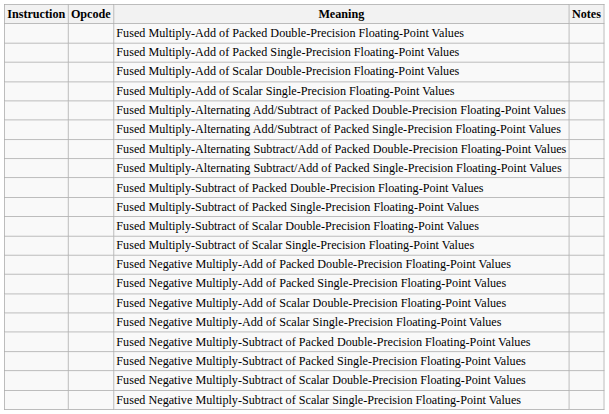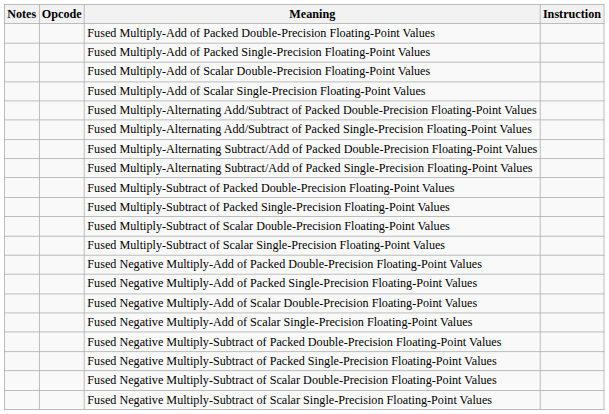 <table class="wikitable">
 <tr>
-<th>Instruction</th>
+<th>Notes</th>
 <th>Opcode</th>
 <th>Meaning</th>
-<th>Notes</th>
+<th>Instruction</th>
 </tr>
 <tr>
 <td></td>
 <td></td>
 <td>Fused Multiply-Add of Packed Double-Precision Floating-Point Values</td>
 <td></td>
 </tr>
 <tr>
 <td></td>
 <td></td>
 <td>Fused Multiply-Add of Packed Single-Precision Floating-Point Values</td>
 <td></td>
 </tr>
 <tr>
 <td></td>
 <td></td>
 <td>Fused Multiply-Add of Scalar Double-Precision Floating-Point Values</td>
 <td></td>
 </tr>
 <tr>
 <td></td>
 <td></td>
 <td>Fused Multiply-Add of Scalar Single-Precision Floating-Point Values</td>
 <td></td>
 </tr>
 <tr>
 <td></td>
 <td></td>
 <td>Fused Multiply-Alternating Add/Subtract of Packed Double-Precision Floating-Point Values</td>
 <td></td>
 </tr>
 <tr>
 <td></td>
 <td></td>
 <td>Fused Multiply-Alternating Add/Subtract of Packed Single-Precision Floating-Point Values</td>
 <td></td>
 </tr>
 <tr>
 <td></td>
 <td></td>
 <td>Fused Multiply-Alternating Subtract/Add of Packed Double-Precision Floating-Point Values</td>
 <td></td>
 </tr>
 <tr>
 <td></td>
 <td></td>
 <td>Fused Multiply-Alternating Subtract/Add of Packed Single-Precision Floating-Point Values</td>
 <td></td>
 </tr>
 <tr>
 <td></td>
 <td></td>
 <td>Fused Multiply-Subtract of Packed Double-Precision Floating-Point Values</td>
 <td></td>
 </tr>
 <tr>
 <td></td>
 <td></td>
 <td>Fused Multiply-Subtract of Packed Single-Precision Floating-Point Values</td>
 <td></td>
 </tr>
 <tr>
 <td></td>
 <td></td>
 <td>Fused Multiply-Subtract of Scalar Double-Precision Floating-Point Values</td>
 <td></td>
 </tr>
 <tr>
 <td></td>
 <td></td>
 <td>Fused Multiply-Subtract of Scalar Single-Precision Floating-Point Values</td>
 <td></td>
 </tr>
 <tr>
 <td></td>
 <td></td>
 <td>Fused Negative Multiply-Add of Packed Double-Precision Floating-Point Values</td>
 <td></td>
 </tr>
 <tr>
 <td></td>
 <td></td>
 <td>Fused Negative Multiply-Add of Packed Single-Precision Floating-Point Values</td>
 <td></td>
 </tr>
 <tr>
 <td></td>
 <td></td>
 <td>Fused Negative Multiply-Add of Scalar Double-Precision Floating-Point Values</td>
 <td></td>
 </tr>
 <tr>
 <td></td>
 <td></td>
 <td>Fused Negative Multiply-Add of Scalar Single-Precision Floating-Point Values</td>
 <td></td>
 </tr>
 <tr>
 <td></td>
 <td></td>
 <td>Fused Negative Multiply-Subtract of Packed Double-Precision Floating-Point Values</td>
 <td></td>
 </tr>
 <tr>
 <td></td>
 <td></td>
 <td>Fused Negative Multiply-Subtract of Packed Single-Precision Floating-Point Values</td>
 <td></td>
 </tr>
 <tr>
 <td></td>
 <td></td>
 <td>Fused Negative Multiply-Subtract of Scalar Double-Precision Floating-Point Values</td>
 <td></td>
 </tr>
 <tr>
 <td></td>
 <td></td>
 <td>Fused Negative Multiply-Subtract of Scalar Single-Precision Floating-Point Values</td>
 <td></td>
 </tr>
 </table>
